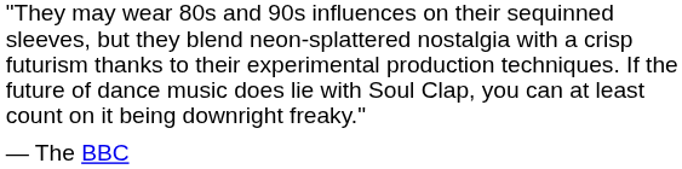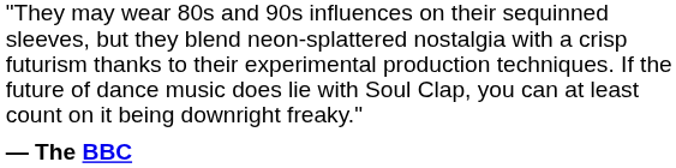 <table class="toccolours" style="float: left; margin-left: 1em; margin-right: 2em; font-size: 85%; background:offwhite; color:black; width:30em; max-width: 40%;" cellspacing="5">
 <tr>
 <td style="text-align: left;">"They may wear 80s and 90s influences on their sequinned sleeves, but they blend neon-splattered nostalgia with a crisp futurism thanks to their experimental production techniques. If the future of dance music does lie with Soul Clap, you can at least count on it being downright freaky."</td>
 </tr>
 <tr>
-<td style="text-align: left;">— The <a href='#'>BBC</a></td>
+<td style="text-align: left;"><strong>— The <a href='#'>BBC</a></strong></td>
 </tr>
 </table>
